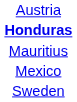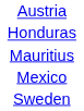 <table width=225 border=0 style="text-align: center;">
 <tr>
 <td><a href='#'>Austria</a></td>
 </tr>
 <tr>
-<td><strong><a href='#'>Honduras</a></strong></td>
+<td><a href='#'>Honduras</a></td>
 </tr>
 <tr>
 <td><a href='#'>Mauritius</a></td>
 </tr>
 <tr>
 <td><a href='#'>Mexico</a></td>
 </tr>
 <tr>
 <td><a href='#'>Sweden</a></td>
 </tr>
 </table>
